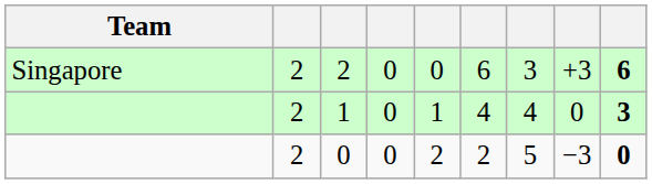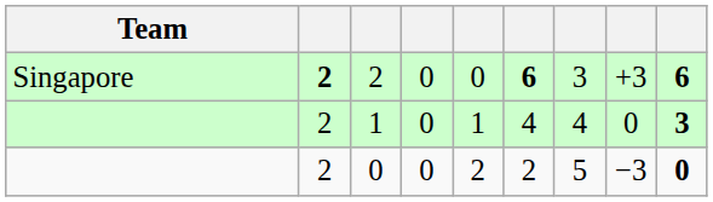 <table class="wikitable" style="text-align:center;">
 <tr>
 <th width=150>Team</th>
 <th width=20></th>
 <th width=20></th>
 <th width=20></th>
 <th width=20></th>
 <th width=20></th>
 <th width=20></th>
 <th width=20></th>
 <th width=20></th>
 </tr>
 <tr style="background:#cfc;">
 <td align=left> Singapore</td>
-<td>2</td>
+<td><strong>2</strong></td>
 <td>2</td>
 <td>0</td>
 <td>0</td>
-<td>6</td>
+<td><strong>6</strong></td>
 <td>3</td>
 <td>+3</td>
 <td><strong>6</strong></td>
 </tr>
 <tr style="background:#cfc;">
 <td align=left></td>
 <td>2</td>
 <td>1</td>
 <td>0</td>
 <td>1</td>
 <td>4</td>
 <td>4</td>
 <td>0</td>
 <td><strong>3</strong></td>
 </tr>
 <tr>
 <td align=left></td>
 <td>2</td>
 <td>0</td>
 <td>0</td>
 <td>2</td>
 <td>2</td>
 <td>5</td>
 <td>−3</td>
 <td><strong>0</strong></td>
 </tr>
 </table>
